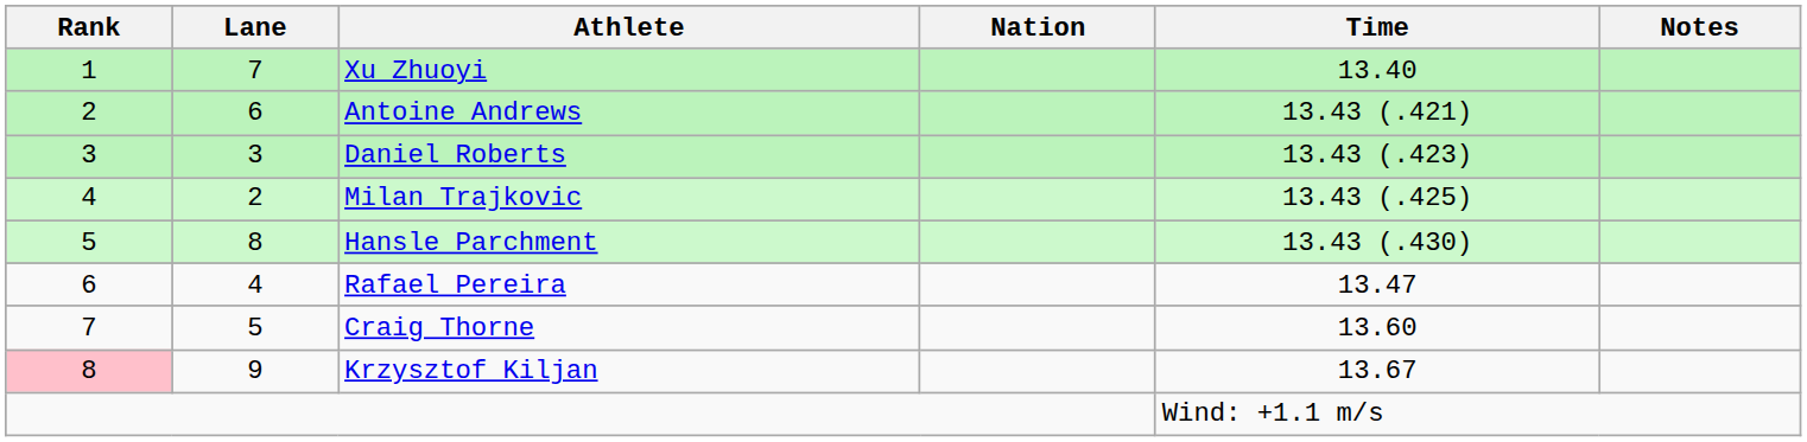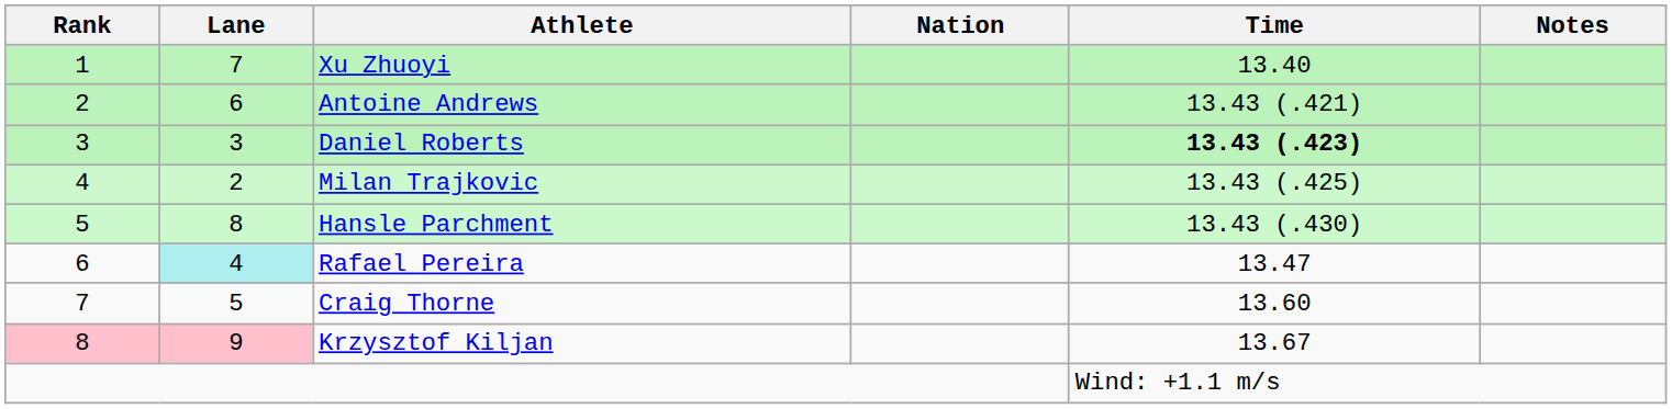 <table class="wikitable sortable" style="text-align:center;width: 70%;">
 <tr>
 <th>Rank</th>
 <th>Lane</th>
 <th>Athlete</th>
 <th>Nation</th>
 <th>Time</th>
 <th>Notes</th>
 </tr>
 <tr bgcolor="#bbf3bb">
 <td>1</td>
 <td>7</td>
 <td align=left><a href='#'>Xu Zhuoyi</a></td>
 <td align=left></td>
 <td>13.40</td>
 <td></td>
 </tr>
 <tr bgcolor="#bbf3bb">
 <td>2</td>
 <td>6</td>
 <td align=left><a href='#'>Antoine Andrews</a></td>
 <td align=left></td>
 <td>13.43 (.421)</td>
 <td></td>
 </tr>
 <tr bgcolor="#bbf3bb">
 <td>3</td>
 <td>3</td>
 <td align=left><a href='#'>Daniel Roberts</a></td>
 <td align=left></td>
-<td>13.43 (.423)</td>
+<td><strong>13.43 (.423)</strong></td>
 <td></td>
 </tr>
 <tr bgcolor="#ccf9cc">
 <td>4</td>
 <td>2</td>
 <td align=left><a href='#'>Milan Trajkovic</a></td>
 <td align=left></td>
 <td>13.43 (.425)</td>
 <td></td>
 </tr>
 <tr bgcolor="#ccf9cc">
 <td>5</td>
 <td>8</td>
 <td align=left><a href='#'>Hansle Parchment</a></td>
 <td align=left></td>
 <td>13.43 (.430)</td>
 <td></td>
 </tr>
 <tr>
 <td>6</td>
-<td>4</td>
+<td style="background: paleturquoise;">4</td>
 <td align=left><a href='#'>Rafael Pereira</a></td>
 <td align=left></td>
 <td>13.47</td>
 <td></td>
 </tr>
 <tr>
 <td>7</td>
 <td>5</td>
 <td align=left><a href='#'>Craig Thorne</a></td>
 <td align=left></td>
 <td>13.60</td>
 <td></td>
 </tr>
 <tr>
 <td style="background: pink;">8</td>
-<td>9</td>
+<td style="background: pink;">9</td>
 <td align=left><a href='#'>Krzysztof Kiljan</a></td>
 <td align=left></td>
 <td>13.67</td>
 <td></td>
 </tr>
 <tr class="sortbottom">
 <td colspan="4"></td>
 <td colspan="2" style="text-align:left;">Wind: +1.1 m/s</td>
 </tr>
 </table>
